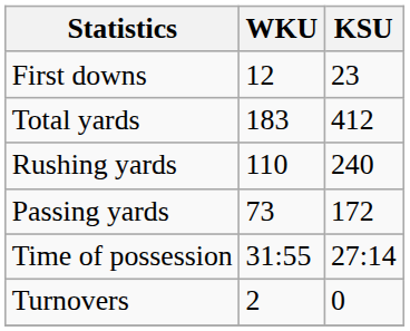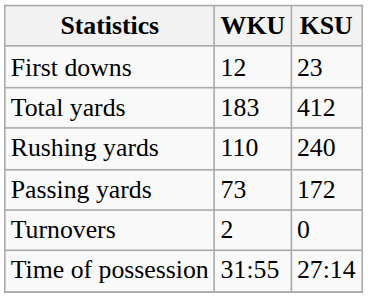 <table class="wikitable" style="float: left;">
 <tr>
 <th>Statistics</th>
 <th>WKU</th>
 <th>KSU</th>
 </tr>
 <tr>
 <td>First downs</td>
 <td>12</td>
 <td>23</td>
 </tr>
 <tr>
 <td>Total yards</td>
 <td>183</td>
 <td>412</td>
 </tr>
 <tr>
 <td>Rushing yards</td>
 <td>110</td>
 <td>240</td>
 </tr>
 <tr>
 <td>Passing yards</td>
 <td>73</td>
 <td>172</td>
 </tr>
 <tr>
+<td>Turnovers</td>
+<td>2</td>
+<td>0</td>
+</tr>
+<tr>
 <td>Time of possession</td>
 <td>31:55</td>
 <td>27:14</td>
 </tr>
 <tr>
-<td>Turnovers</td>
-<td>2</td>
-<td>0</td>
-</tr>
-<tr>
 </tr>
 </table>
